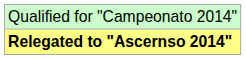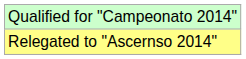 <table class="wikitable">
 <tr width=10px bgcolor="#ccffcc">
 <td>Qualified for "Campeonato 2014"</td>
 </tr>
 <tr width=10px bgcolor="#FFFF88">
-<td><strong>Relegated to "Ascernso 2014"</strong></td>
+<td>Relegated to "Ascernso 2014"</td>
 </tr>
 <tr>
 </tr>
 </table>
